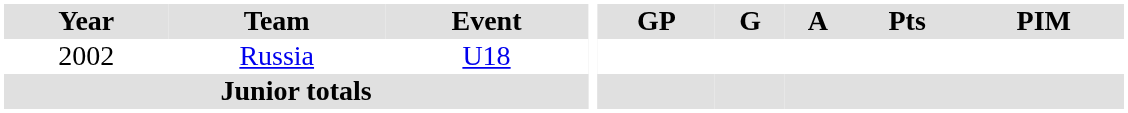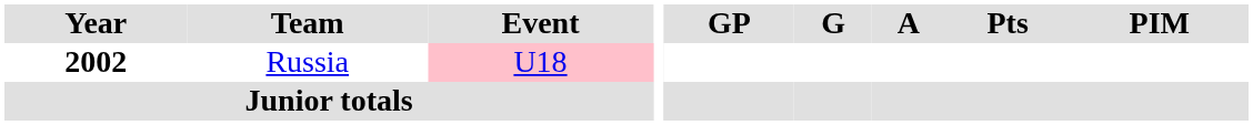 <table border="0" cellpadding="1" cellspacing="0" ID="Table3" style="text-align:center; width:40em">
 <tr ALIGN="center" bgcolor="#e0e0e0">
 <th>Year</th>
 <th>Team</th>
 <th>Event</th>
 <th rowspan="99" bgcolor="#ffffff"></th>
 <th>GP</th>
 <th>G</th>
 <th>A</th>
 <th>Pts</th>
 <th>PIM</th>
 </tr>
 <tr>
-<td>2002</td>
+<td><strong>2002</strong></td>
 <td><a href='#'>Russia</a></td>
-<td><a href='#'>U18</a></td>
+<td style="background: pink;"><a href='#'>U18</a></td>
 <td></td>
 <td></td>
 <td></td>
 <td></td>
 <td></td>
 </tr>
 <tr bgcolor="#e0e0e0">
 <th colspan="3">Junior totals</th>
 <th></th>
 <th></th>
 <th></th>
 <th></th>
 <th></th>
 </tr>
 </table>
